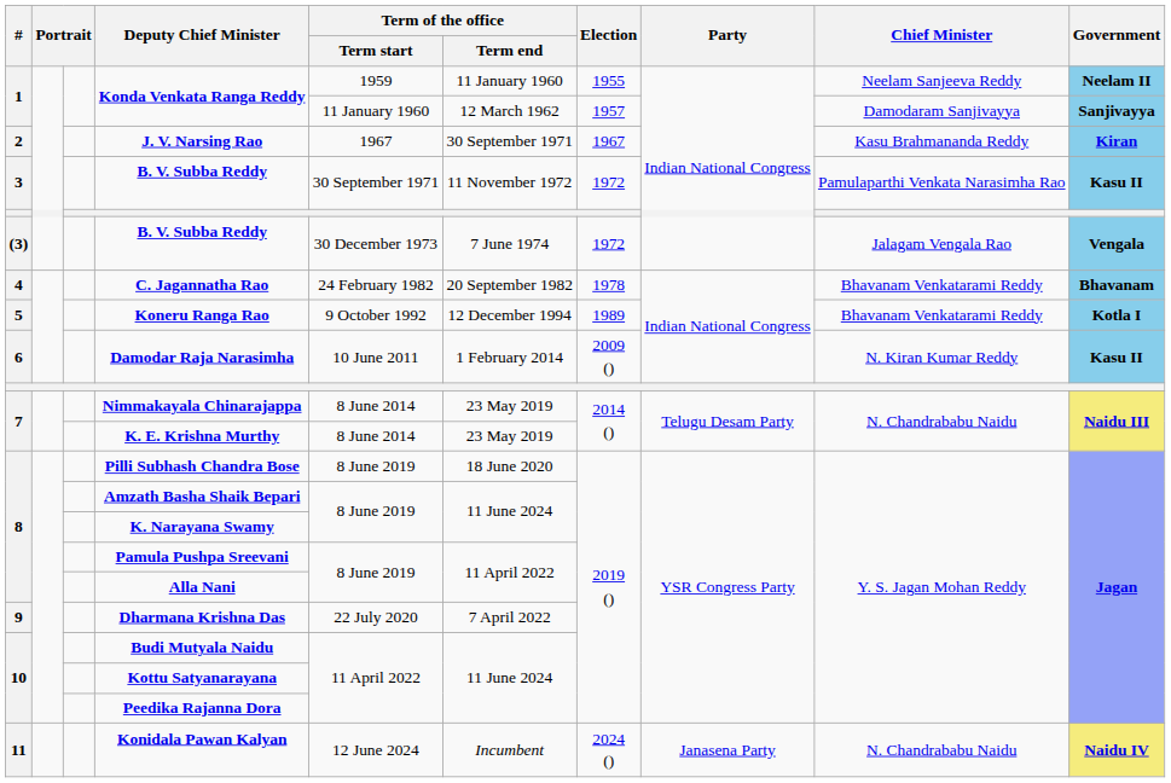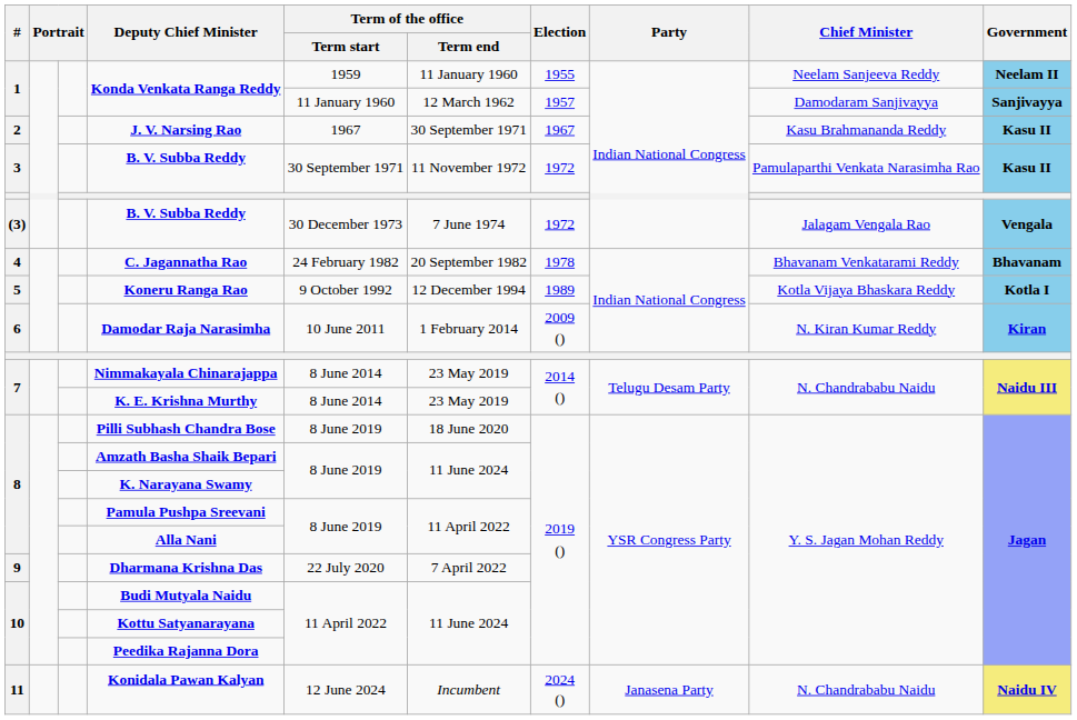 <table class ="wikitable" style="line-height:1.4em; text-align:center">
 <tr>
 <th rowspan="2">#</th>
 <th colspan="2" rowspan="2">Portrait</th>
 <th rowspan="2">Deputy Chief Minister<br></th>
 <th colspan="2">Term of the office</th>
 <th rowspan="2">Election<br></th>
 <th rowspan="2">Party</th>
 <th rowspan="2"><a href='#'>Chief Minister</a></th>
 <th rowspan="2"><strong>Government</strong></th>
 </tr>
 <tr>
 <th>Term start</th>
 <th><strong>Term end</strong></th>
 </tr>
 <tr>
 <th rowspan="2">1</th>
 <td rowspan="6"></td>
 <td rowspan="2"></td>
 <td rowspan="2"><strong><a href='#'>Konda Venkata Ranga Reddy</a></strong><br></td>
 <td>1959</td>
 <td>11 January 1960</td>
 <td><a href='#'>1955</a><br></td>
 <td rowspan="6"><a href='#'>Indian National Congress</a></td>
 <td><a href='#'>Neelam Sanjeeva Reddy</a></td>
 <td bgcolor="#87CEEB"><strong>Neelam II</strong></td>
 </tr>
 <tr>
 <td>11 January 1960</td>
 <td>12 March 1962</td>
 <td><a href='#'>1957</a><br></td>
 <td><a href='#'>Damodaram Sanjivayya</a></td>
 <td bgcolor="#87CEEB"><strong>Sanjivayya</strong></td>
 </tr>
 <tr>
 <th>2</th>
 <td></td>
 <td><strong><a href='#'>J. V. Narsing Rao</a></strong><br></td>
 <td>1967</td>
 <td>30 September 1971</td>
 <td><a href='#'>1967</a><br></td>
 <td><a href='#'>Kasu Brahmananda Reddy</a></td>
-<td bgcolor="#87CEEB"><strong><a href='#'>Kiran</a></strong></td>
+<td bgcolor="#87CEEB"><strong>Kasu II</strong></td>
 </tr>
 <tr>
 <th>3</th>
 <td></td>
 <td><strong><a href='#'>B. V. Subba Reddy</a></strong><br><br></td>
 <td>30 September 1971</td>
 <td>11 November 1972</td>
 <td><a href='#'>1972</a><br></td>
 <td><a href='#'>Pamulaparthi Venkata Narasimha Rao</a></td>
 <td bgcolor="#87CEEB"><strong>Kasu II</strong></td>
 </tr>
 <tr>
 <th colspan="10"></th>
 </tr>
 <tr>
 <th>(3)</th>
 <td></td>
 <td><strong><a href='#'>B. V. Subba Reddy</a></strong><br><br></td>
 <td>30 December 1973</td>
 <td>7 June 1974</td>
 <td><a href='#'>1972</a><br></td>
 <td><a href='#'>Jalagam Vengala Rao</a></td>
 <td bgcolor="#87CEEB"><strong>Vengala</strong></td>
 </tr>
 <tr>
 <th>4</th>
 <td rowspan="3"></td>
 <td></td>
 <td><strong><a href='#'>C. Jagannatha Rao</a></strong><br></td>
 <td>24 February 1982</td>
 <td>20 September 1982</td>
 <td><a href='#'>1978</a><br></td>
 <td rowspan="3"><a href='#'>Indian National Congress</a></td>
 <td><a href='#'>Bhavanam Venkatarami Reddy</a></td>
 <td bgcolor="#87CEEB"><strong>Bhavanam</strong></td>
 </tr>
 <tr>
 <th>5</th>
 <td></td>
 <td><strong><a href='#'>Koneru Ranga Rao</a></strong><br></td>
 <td>9 October 1992</td>
 <td>12 December 1994</td>
 <td><a href='#'>1989</a><br></td>
-<td><a href='#'>Bhavanam Venkatarami Reddy</a></td>
+<td><a href='#'>Kotla Vijaya Bhaskara Reddy</a></td>
 <td bgcolor="#87CEEB"><strong>Kotla I</strong></td>
 </tr>
 <tr>
 <th>6</th>
 <td></td>
 <td><strong><a href='#'>Damodar Raja Narasimha</a></strong><br></td>
 <td>10 June 2011</td>
 <td>1 February 2014</td>
 <td><a href='#'>2009</a><br>()</td>
 <td><a href='#'>N. Kiran Kumar Reddy</a></td>
-<td bgcolor="#87CEEB"><strong>Kasu II</strong></td>
+<td bgcolor="#87CEEB"><strong><a href='#'>Kiran</a></strong></td>
 </tr>
 <tr>
 <th colspan="10"></th>
 </tr>
 <tr>
 <th rowspan="2">7</th>
 <td rowspan="2"></td>
 <td></td>
 <td><strong><a href='#'>Nimmakayala Chinarajappa</a></strong><br></td>
 <td>8 June 2014</td>
 <td>23 May 2019</td>
 <td rowspan="2"><a href='#'>2014</a><br>()</td>
 <td rowspan="2"><a href='#'>Telugu Desam Party</a></td>
 <td rowspan="2"><a href='#'>N. Chandrababu Naidu</a></td>
 <td rowspan="2" bgcolor="#F5EC7D"><strong><a href='#'>Naidu III</a></strong></td>
 </tr>
 <tr>
 <td></td>
 <td><strong><a href='#'>K. E. Krishna Murthy</a></strong><br></td>
 <td>8 June 2014</td>
 <td>23 May 2019</td>
 </tr>
 <tr>
 <th rowspan="5">8</th>
 <td rowspan="9"></td>
 <td></td>
 <td><strong><a href='#'>Pilli Subhash Chandra Bose</a></strong><br></td>
 <td>8 June 2019</td>
 <td>18 June 2020</td>
 <td rowspan="9"><a href='#'>2019</a><br>()</td>
 <td rowspan="9"><a href='#'>YSR Congress Party</a></td>
 <td rowspan="9"><a href='#'>Y. S. Jagan Mohan Reddy</a></td>
 <td rowspan="9"  bgcolor="#94A2F7"><strong><a href='#'>Jagan</a></strong></td>
 </tr>
 <tr>
 <td></td>
 <td><strong><a href='#'>Amzath Basha Shaik Bepari</a></strong><br></td>
 <td rowspan="2">8 June 2019</td>
 <td rowspan="2">11 June 2024</td>
 </tr>
 <tr>
 <td></td>
 <td><strong><a href='#'>K. Narayana Swamy</a></strong><br></td>
 </tr>
 <tr>
 <td></td>
 <td><strong><a href='#'>Pamula Pushpa Sreevani</a></strong><br></td>
 <td rowspan="2">8 June 2019</td>
 <td rowspan="2">11 April 2022</td>
 </tr>
 <tr>
 <td></td>
 <td><strong><a href='#'>Alla Nani</a></strong><br></td>
 </tr>
 <tr>
 <th rowspan="1">9</th>
 <td></td>
 <td><strong><a href='#'>Dharmana Krishna Das</a></strong><br></td>
 <td>22 July 2020</td>
 <td>7 April 2022</td>
 </tr>
 <tr>
 <th rowspan="3">10</th>
 <td></td>
 <td><strong><a href='#'>Budi Mutyala Naidu</a></strong><br></td>
 <td rowspan="3">11 April 2022</td>
 <td rowspan="3">11 June 2024</td>
 </tr>
 <tr>
 <td></td>
 <td><strong><a href='#'>Kottu Satyanarayana</a></strong><br></td>
 </tr>
 <tr>
 <td></td>
 <td><strong><a href='#'>Peedika Rajanna Dora</a></strong><br></td>
 </tr>
 <tr>
 <th>11</th>
 <td></td>
 <td></td>
 <td><strong><a href='#'>Konidala Pawan Kalyan</a></strong><br><br></td>
 <td>12 June 2024</td>
 <td><em>Incumbent</em></td>
 <td><a href='#'>2024</a><br>()</td>
 <td><a href='#'>Janasena Party</a></td>
 <td><a href='#'>N. Chandrababu Naidu</a></td>
 <td bgcolor="#F5EC7D"><strong><a href='#'>Naidu IV</a></strong></td>
 </tr>
 </table>
